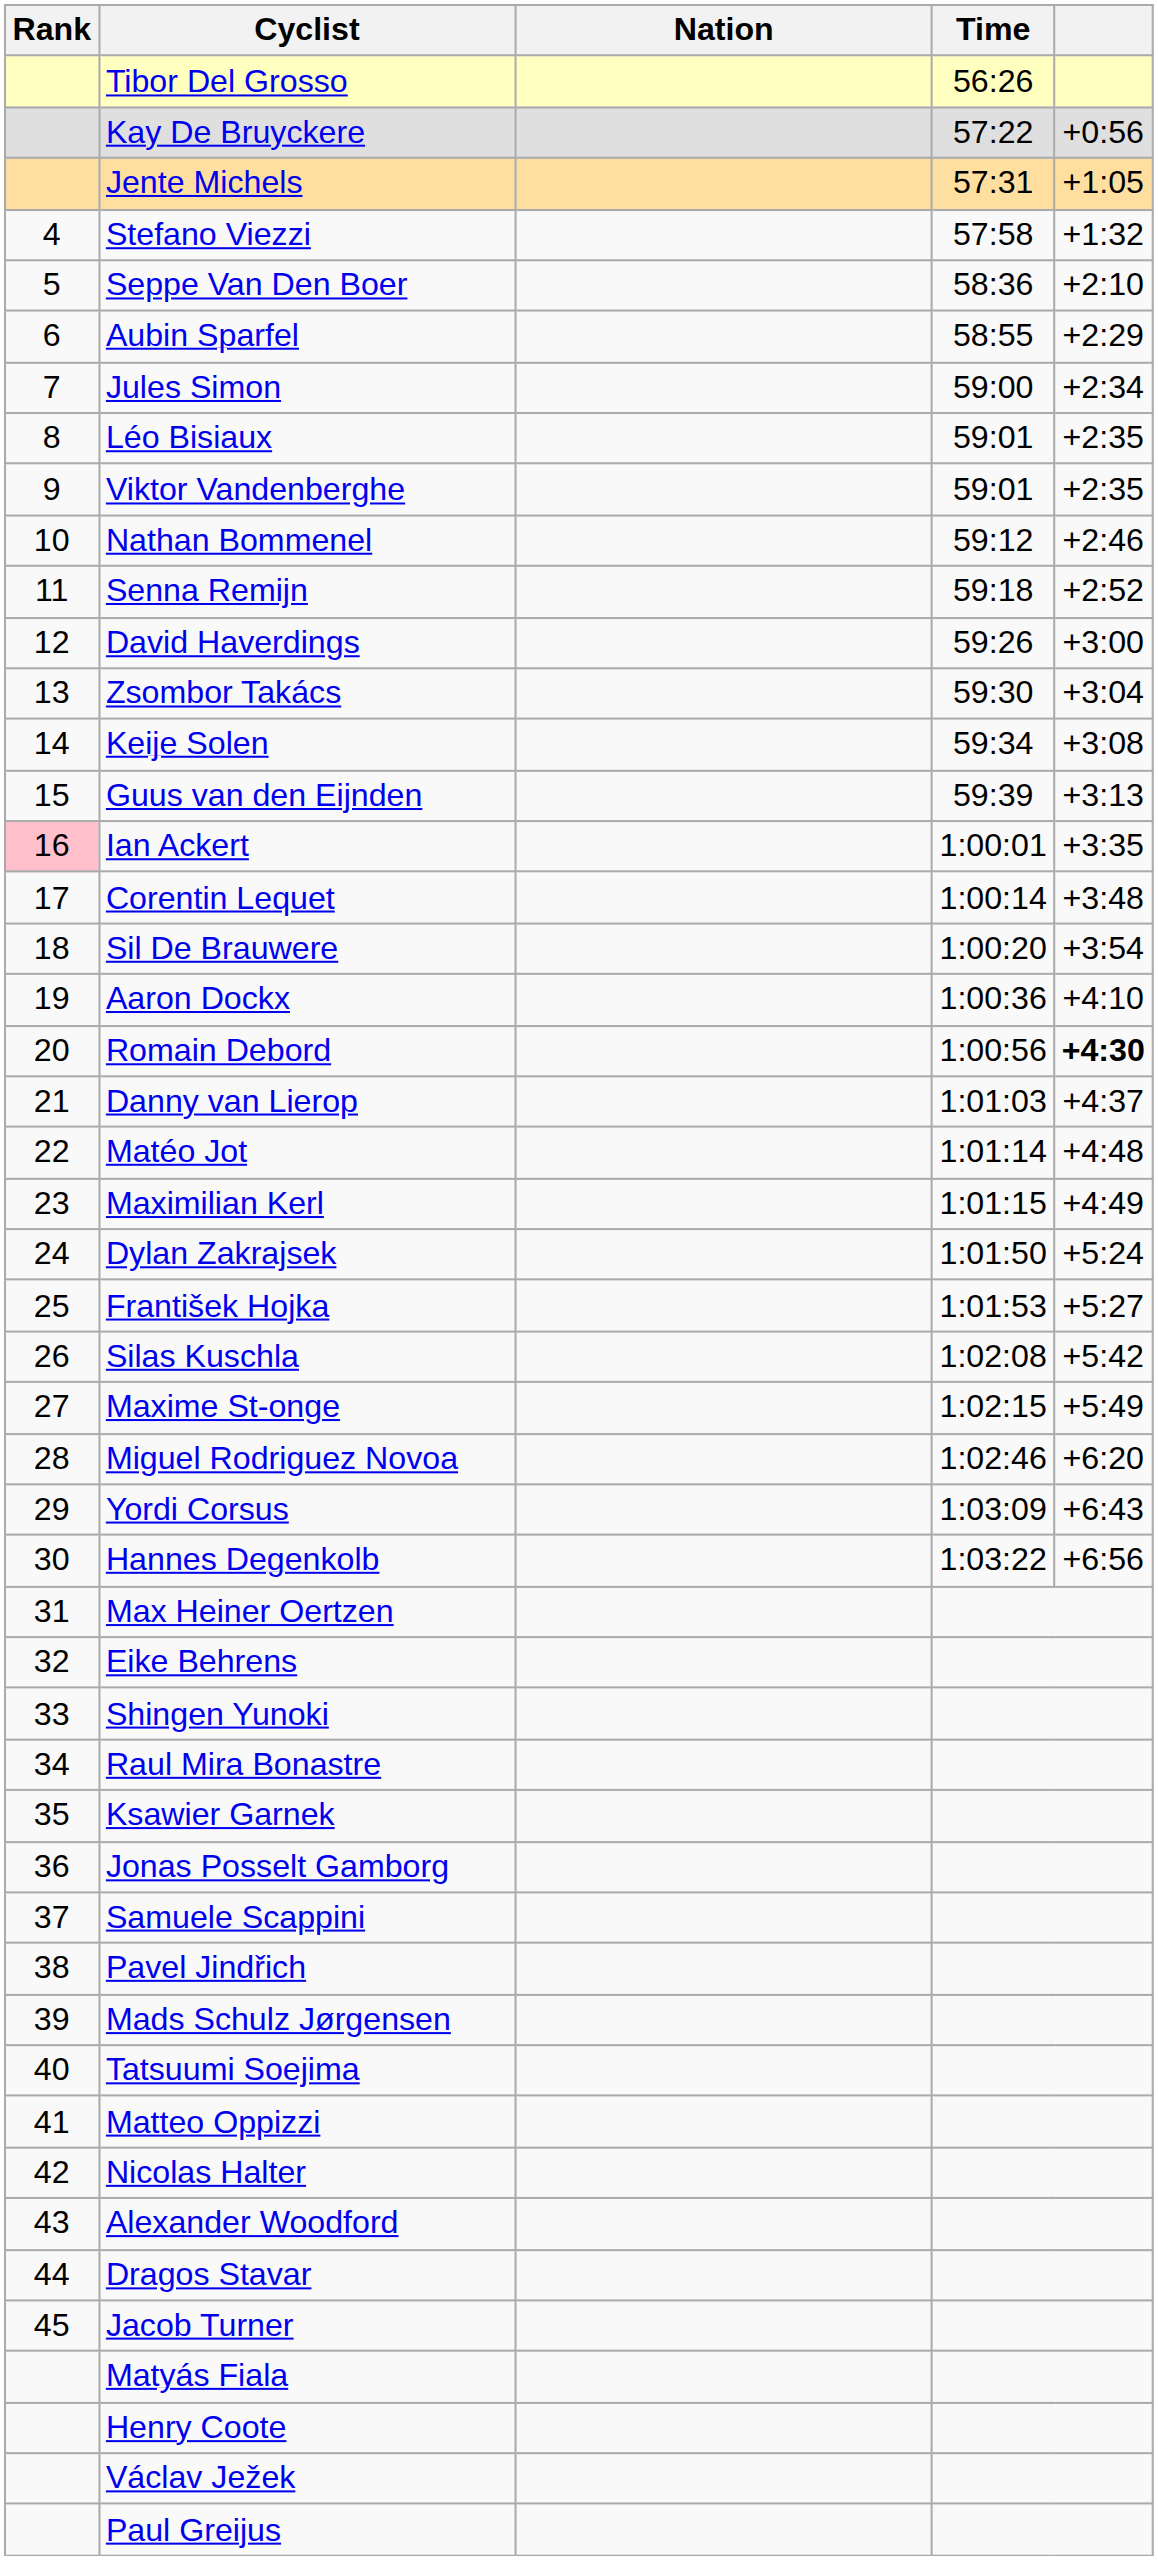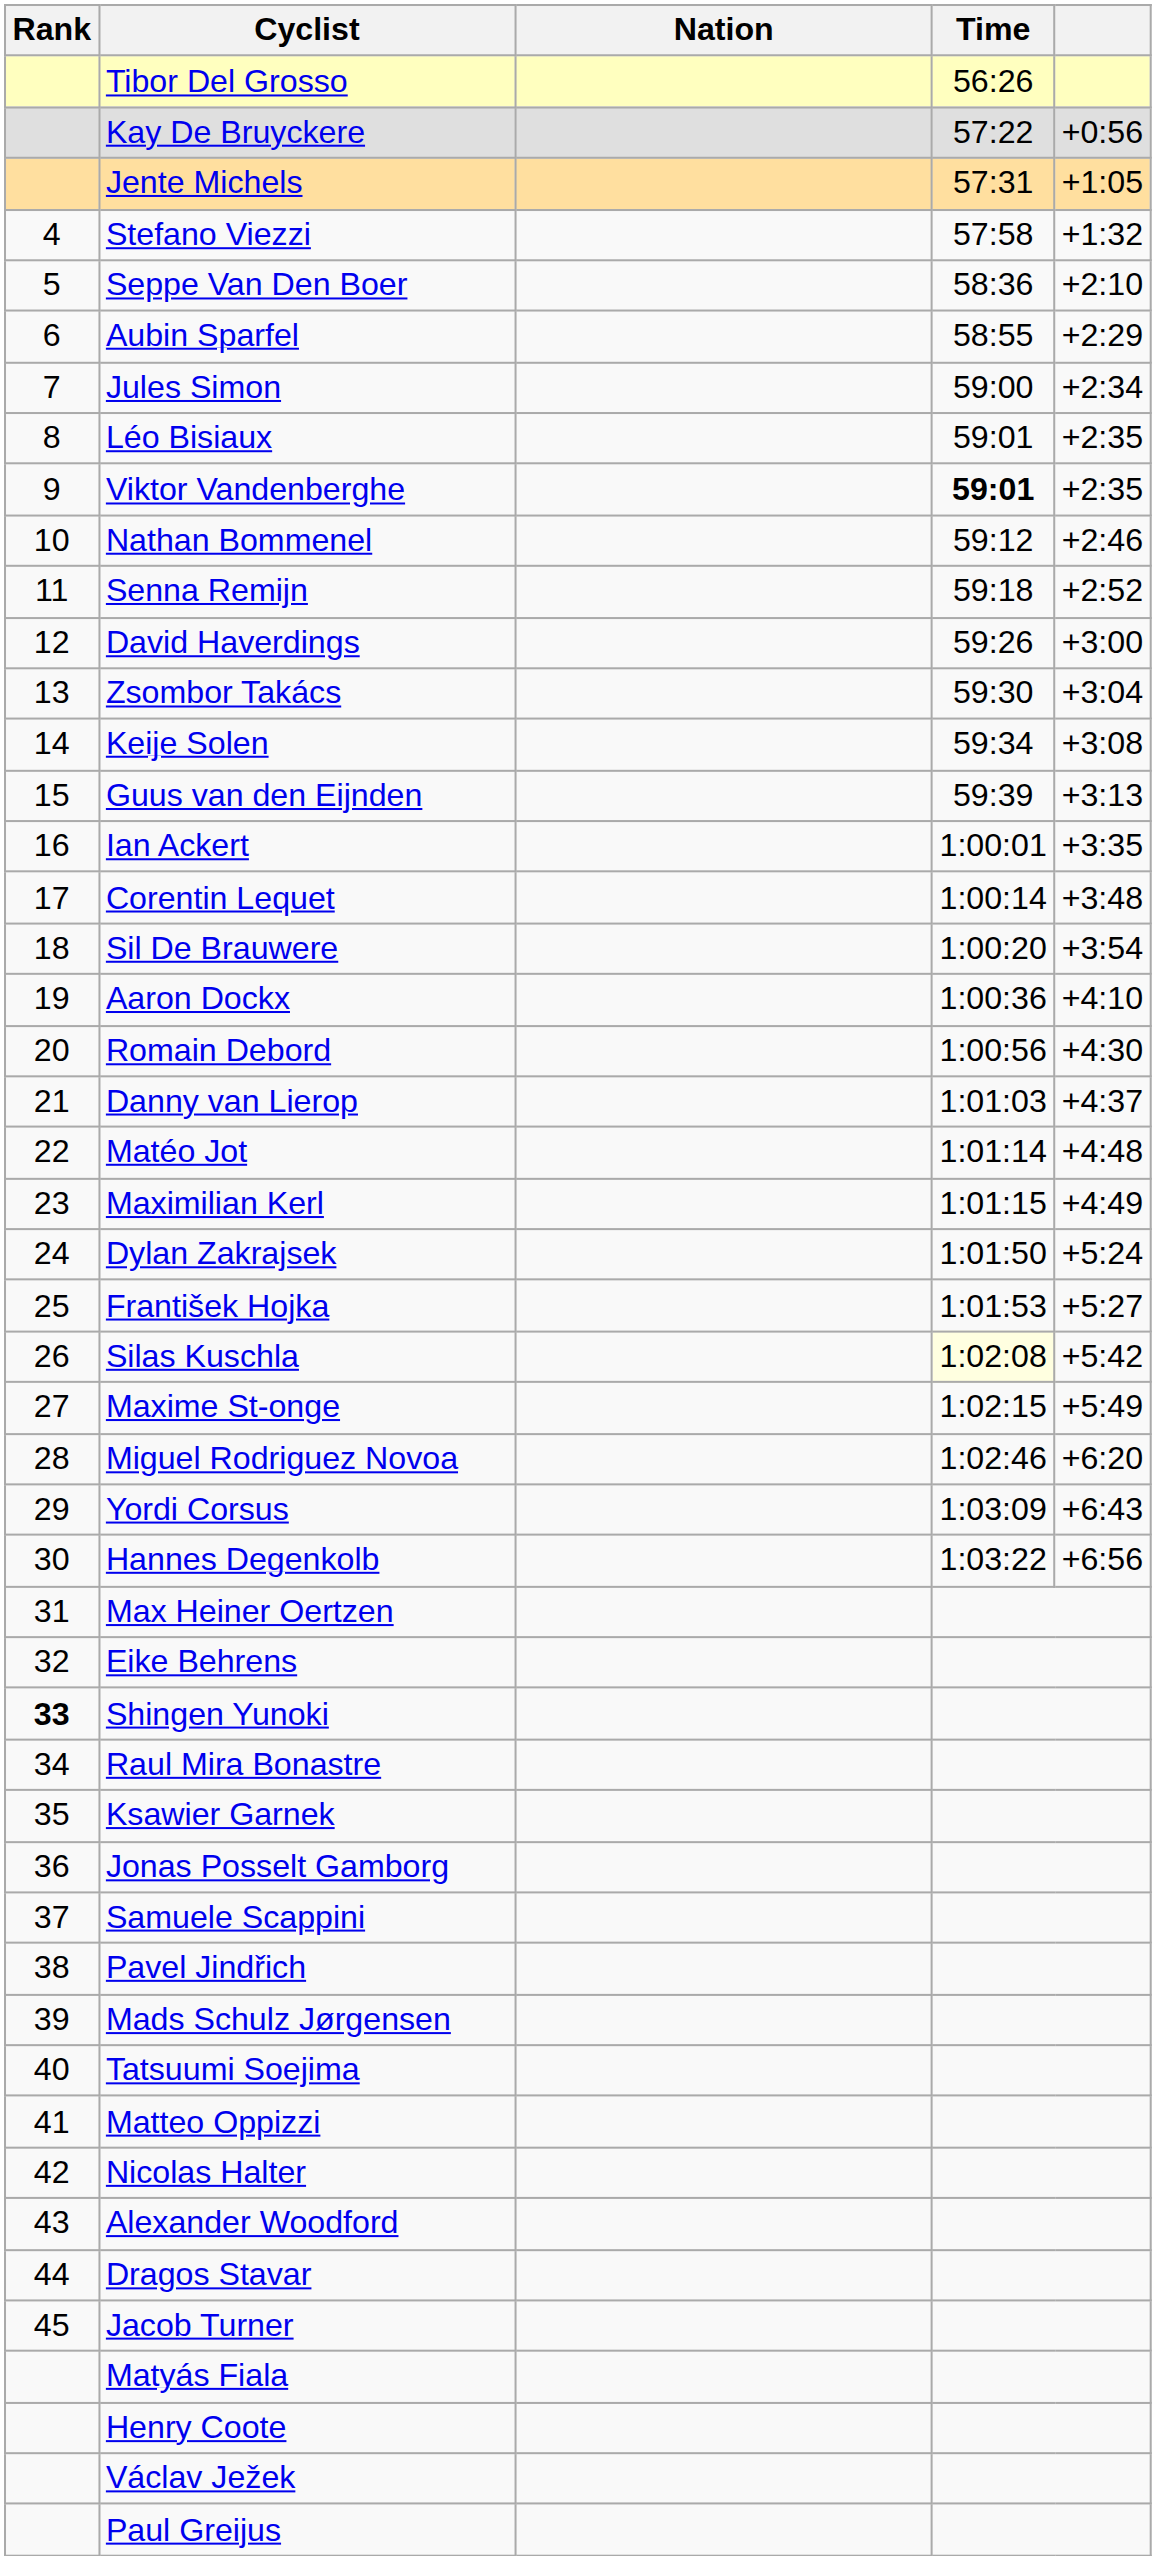 <table class="wikitable sortable" style="text-align:center">
 <tr style="background:#efefef;">
 <th width="30">Rank</th>
 <th width="200">Cyclist</th>
 <th width="200">Nation</th>
 <th width="40">Time</th>
 <th width="40"></th>
 </tr>
 <tr style="background:#FFFFBF;">
 <td></td>
 <td align="left"><a href='#'>Tibor Del Grosso</a></td>
 <td align="left"></td>
 <td>56:26</td>
 <td></td>
 </tr>
 <tr style="background:#DFDFDF;">
 <td></td>
 <td align="left"><a href='#'>Kay De Bruyckere</a></td>
 <td align="left"></td>
 <td>57:22</td>
 <td>+0:56</td>
 </tr>
 <tr style="background:#FFDF9F;">
 <td></td>
 <td align="left"><a href='#'>Jente Michels</a></td>
 <td align="left"></td>
 <td>57:31</td>
 <td>+1:05</td>
 </tr>
 <tr>
 <td>4</td>
 <td align="left"><a href='#'>Stefano Viezzi</a></td>
 <td align="left"></td>
 <td>57:58</td>
 <td>+1:32</td>
 </tr>
 <tr>
 <td>5</td>
 <td align="left"><a href='#'>Seppe Van Den Boer</a></td>
 <td align="left"></td>
 <td>58:36</td>
 <td>+2:10</td>
 </tr>
 <tr>
 <td>6</td>
 <td align="left"><a href='#'>Aubin Sparfel</a></td>
 <td align="left"></td>
 <td>58:55</td>
 <td>+2:29</td>
 </tr>
 <tr>
 <td>7</td>
 <td align="left"><a href='#'>Jules Simon</a></td>
 <td align="left"></td>
 <td>59:00</td>
 <td>+2:34</td>
 </tr>
 <tr>
 <td>8</td>
 <td align="left"><a href='#'>Léo Bisiaux</a></td>
 <td align="left"></td>
 <td>59:01</td>
 <td>+2:35</td>
 </tr>
 <tr>
 <td>9</td>
 <td align="left"><a href='#'>Viktor Vandenberghe</a></td>
 <td align="left"></td>
-<td>59:01</td>
+<td><strong>59:01</strong></td>
 <td>+2:35</td>
 </tr>
 <tr>
 <td>10</td>
 <td align="left"><a href='#'>Nathan Bommenel</a></td>
 <td align="left"></td>
 <td>59:12</td>
 <td>+2:46</td>
 </tr>
 <tr>
 <td>11</td>
 <td align="left"><a href='#'>Senna Remijn</a></td>
 <td align="left"></td>
 <td>59:18</td>
 <td>+2:52</td>
 </tr>
 <tr>
 <td>12</td>
 <td align="left"><a href='#'>David Haverdings</a></td>
 <td align="left"></td>
 <td>59:26</td>
 <td>+3:00</td>
 </tr>
 <tr>
 <td>13</td>
 <td align="left"><a href='#'> Zsombor Takács</a></td>
 <td align="left"></td>
 <td>59:30</td>
 <td>+3:04</td>
 </tr>
 <tr>
 <td>14</td>
 <td align="left"><a href='#'>Keije Solen</a></td>
 <td align="left"></td>
 <td>59:34</td>
 <td>+3:08</td>
 </tr>
 <tr>
 <td>15</td>
 <td align="left"><a href='#'>Guus van den Eijnden</a></td>
 <td align="left"></td>
 <td>59:39</td>
 <td>+3:13</td>
 </tr>
 <tr>
-<td style="background: pink;">16</td>
+<td>16</td>
 <td align="left"><a href='#'>Ian Ackert</a></td>
 <td align="left"></td>
 <td>1:00:01</td>
 <td>+3:35</td>
 </tr>
 <tr>
 <td>17</td>
 <td align="left"><a href='#'>Corentin Lequet</a></td>
 <td align="left"></td>
 <td>1:00:14</td>
 <td>+3:48</td>
 </tr>
 <tr>
 <td>18</td>
 <td align="left"><a href='#'>Sil De Brauwere</a></td>
 <td align="left"></td>
 <td>1:00:20</td>
 <td>+3:54</td>
 </tr>
 <tr>
 <td>19</td>
 <td align="left"><a href='#'>Aaron Dockx</a></td>
 <td align="left"></td>
 <td>1:00:36</td>
 <td>+4:10</td>
 </tr>
 <tr>
 <td>20</td>
 <td align="left"><a href='#'>Romain Debord</a></td>
 <td align="left"></td>
 <td>1:00:56</td>
-<td><strong>+4:30</strong></td>
+<td>+4:30</td>
 </tr>
 <tr>
 <td>21</td>
 <td align="left"><a href='#'>Danny van Lierop</a></td>
 <td align="left"></td>
 <td>1:01:03</td>
 <td>+4:37</td>
 </tr>
 <tr>
 <td>22</td>
 <td align="left"><a href='#'>Matéo Jot</a></td>
 <td align="left"></td>
 <td>1:01:14</td>
 <td>+4:48</td>
 </tr>
 <tr>
 <td>23</td>
 <td align="left"><a href='#'>Maximilian Kerl</a></td>
 <td align="left"></td>
 <td>1:01:15</td>
 <td>+4:49</td>
 </tr>
 <tr>
 <td>24</td>
 <td align="left"><a href='#'>Dylan Zakrajsek</a></td>
 <td align="left"></td>
 <td>1:01:50</td>
 <td>+5:24</td>
 </tr>
 <tr>
 <td>25</td>
 <td align="left"><a href='#'>František Hojka</a></td>
 <td align="left"></td>
 <td>1:01:53</td>
 <td>+5:27</td>
 </tr>
 <tr>
 <td>26</td>
 <td align="left"><a href='#'>Silas Kuschla</a></td>
 <td align="left"></td>
-<td>1:02:08</td>
+<td style="background: lightyellow;">1:02:08</td>
 <td>+5:42</td>
 </tr>
 <tr>
 <td>27</td>
 <td align="left"><a href='#'>Maxime St-onge</a></td>
 <td align="left"></td>
 <td>1:02:15</td>
 <td>+5:49</td>
 </tr>
 <tr>
 <td>28</td>
 <td align="left"><a href='#'>Miguel Rodriguez Novoa</a></td>
 <td align="left"></td>
 <td>1:02:46</td>
 <td>+6:20</td>
 </tr>
 <tr>
 <td>29</td>
 <td align="left"><a href='#'>Yordi Corsus</a></td>
 <td align="left"></td>
 <td>1:03:09</td>
 <td>+6:43</td>
 </tr>
 <tr>
 <td>30</td>
 <td align="left"><a href='#'>Hannes Degenkolb</a></td>
 <td align="left"></td>
 <td>1:03:22</td>
 <td>+6:56</td>
 </tr>
 <tr>
 <td>31</td>
 <td align="left"><a href='#'>Max Heiner Oertzen</a></td>
 <td align="left"></td>
 <td colspan="2"></td>
 </tr>
 <tr>
 <td>32</td>
 <td align="left"><a href='#'>Eike Behrens</a></td>
 <td align="left"></td>
 <td colspan="2"></td>
 </tr>
 <tr>
-<td>33</td>
+<td><strong>33</strong></td>
 <td align="left"><a href='#'>Shingen Yunoki</a></td>
 <td align="left"></td>
 <td colspan="2"></td>
 </tr>
 <tr>
 <td>34</td>
 <td align="left"><a href='#'>Raul Mira Bonastre</a></td>
 <td align="left"></td>
 <td colspan="2"></td>
 </tr>
 <tr>
 <td>35</td>
 <td align="left"><a href='#'>Ksawier Garnek</a></td>
 <td align="left"></td>
 <td colspan="2"></td>
 </tr>
 <tr>
 <td>36</td>
 <td align="left"><a href='#'>Jonas Posselt Gamborg</a></td>
 <td align="left"></td>
 <td colspan="2"></td>
 </tr>
 <tr>
 <td>37</td>
 <td align="left"><a href='#'>Samuele Scappini</a></td>
 <td align="left"></td>
 <td colspan="2"></td>
 </tr>
 <tr>
 <td>38</td>
 <td align="left"><a href='#'>Pavel Jindřich</a></td>
 <td align="left"></td>
 <td colspan="2"></td>
 </tr>
 <tr>
 <td>39</td>
 <td align="left"><a href='#'>Mads Schulz Jørgensen</a></td>
 <td align="left"></td>
 <td colspan="2"></td>
 </tr>
 <tr>
 <td>40</td>
 <td align="left"><a href='#'>Tatsuumi Soejima</a></td>
 <td align="left"></td>
 <td colspan="2"></td>
 </tr>
 <tr>
 <td>41</td>
 <td align="left"><a href='#'>Matteo Oppizzi</a></td>
 <td align="left"></td>
 <td colspan="2"></td>
 </tr>
 <tr>
 <td>42</td>
 <td align="left"><a href='#'>Nicolas Halter</a></td>
 <td align="left"></td>
 <td colspan="2"></td>
 </tr>
 <tr>
 <td>43</td>
 <td align="left"><a href='#'> Alexander Woodford</a></td>
 <td align="left"></td>
 <td colspan="2"></td>
 </tr>
 <tr>
 <td>44</td>
 <td align="left"><a href='#'>Dragos Stavar</a></td>
 <td align="left"></td>
 <td colspan="2"></td>
 </tr>
 <tr>
 <td>45</td>
 <td align="left"><a href='#'> Jacob Turner</a></td>
 <td align="left"></td>
 <td colspan="2"></td>
 </tr>
 <tr>
 <td></td>
 <td align="left"><a href='#'>Matyás Fiala</a></td>
 <td align="left"></td>
 <td colspan="2"></td>
 </tr>
 <tr>
 <td></td>
 <td align="left"><a href='#'> Henry Coote</a></td>
 <td align="left"></td>
 <td colspan="2"></td>
 </tr>
 <tr>
 <td></td>
 <td align="left"><a href='#'>Václav Ježek</a></td>
 <td align="left"></td>
 <td colspan="2"></td>
 </tr>
 <tr>
 <td></td>
 <td align="left"><a href='#'>Paul Greijus</a></td>
 <td align="left"></td>
 <td colspan="2"></td>
 </tr>
 </table>
